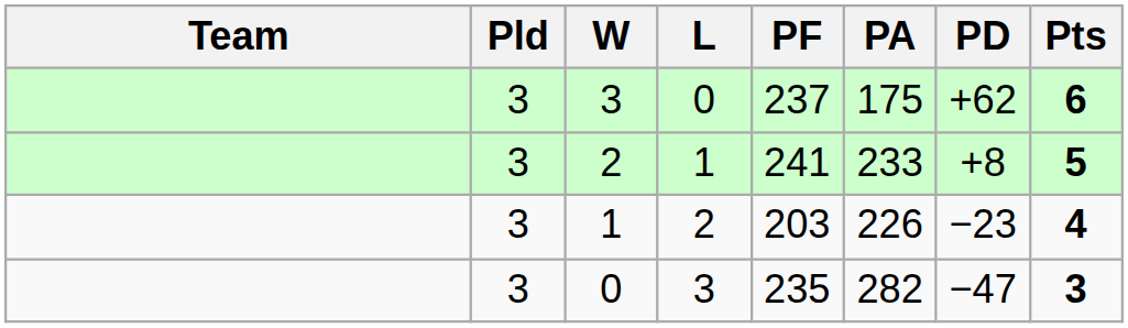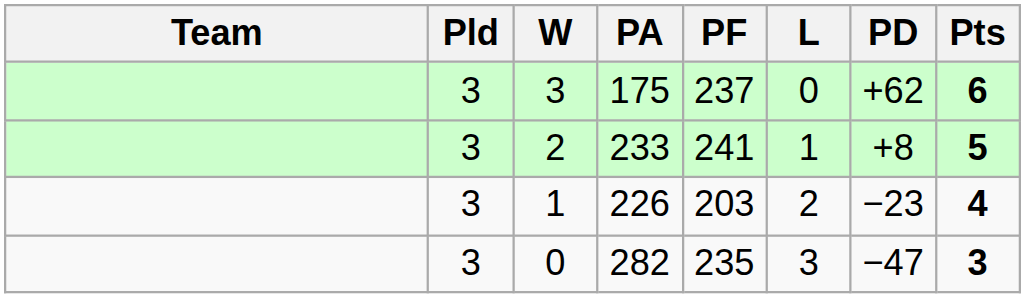 <table class=wikitable style="text-align:center">
 <tr>
 <th width=180>Team</th>
 <th width=30>Pld</th>
 <th width=30>W</th>
+<th width=30>PA</th>
+<th width=30>PF</th>
 <th width=30>L</th>
-<th width=30>PF</th>
-<th width=30>PA</th>
 <th width=30>PD</th>
 <th width=30>Pts</th>
 </tr>
 <tr bgcolor="#ccffcc">
 <td align=left></td>
 <td>3</td>
 <td>3</td>
+<td>175</td>
+<td>237</td>
 <td>0</td>
-<td>237</td>
-<td>175</td>
 <td>+62</td>
 <td><strong>6</strong></td>
 </tr>
 <tr bgcolor="#ccffcc">
 <td align=left></td>
 <td>3</td>
 <td>2</td>
+<td>233</td>
+<td>241</td>
 <td>1</td>
-<td>241</td>
-<td>233</td>
 <td>+8</td>
 <td><strong>5</strong></td>
 </tr>
 <tr align=center>
 <td align=left></td>
 <td>3</td>
 <td>1</td>
+<td>226</td>
+<td>203</td>
 <td>2</td>
-<td>203</td>
-<td>226</td>
 <td>−23</td>
 <td><strong>4</strong></td>
 </tr>
 <tr align=center>
 <td align=left></td>
 <td>3</td>
 <td>0</td>
+<td>282</td>
+<td>235</td>
 <td>3</td>
-<td>235</td>
-<td>282</td>
 <td>−47</td>
 <td><strong>3</strong></td>
 </tr>
 </table>
